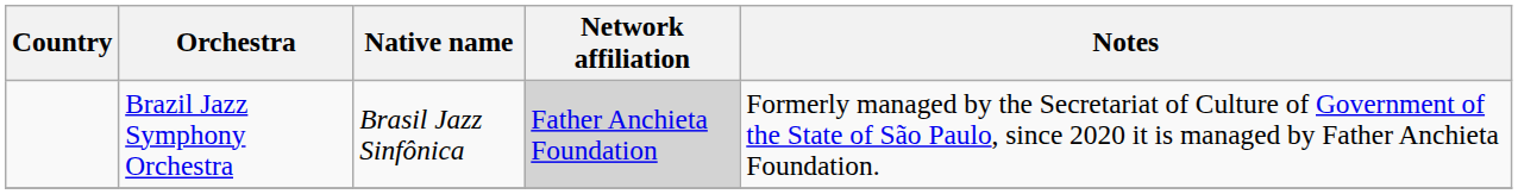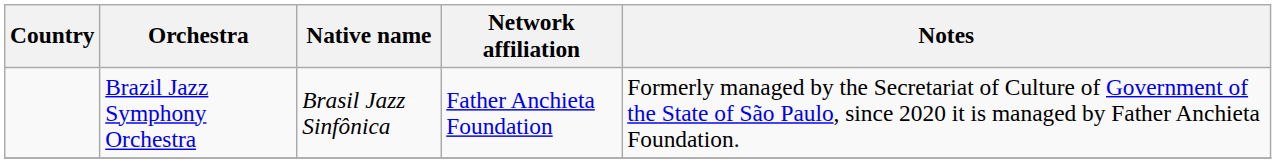 <table class="wikitable">
 <tr>
 <th>Country</th>
 <th>Orchestra</th>
 <th>Native name</th>
 <th>Network affiliation</th>
 <th>Notes</th>
 </tr>
 <tr>
 <td></td>
 <td><a href='#'>Brazil Jazz Symphony Orchestra</a></td>
 <td><em>Brasil Jazz Sinfônica</em></td>
-<td style="background: lightgrey;"><a href='#'>Father Anchieta Foundation</a></td>
+<td><a href='#'>Father Anchieta Foundation</a></td>
 <td>Formerly managed by the Secretariat of Culture of <a href='#'>Government of the State of São Paulo</a>, since 2020 it is managed by Father Anchieta Foundation.</td>
 </tr>
 <tr>
 </tr>
 </table>
